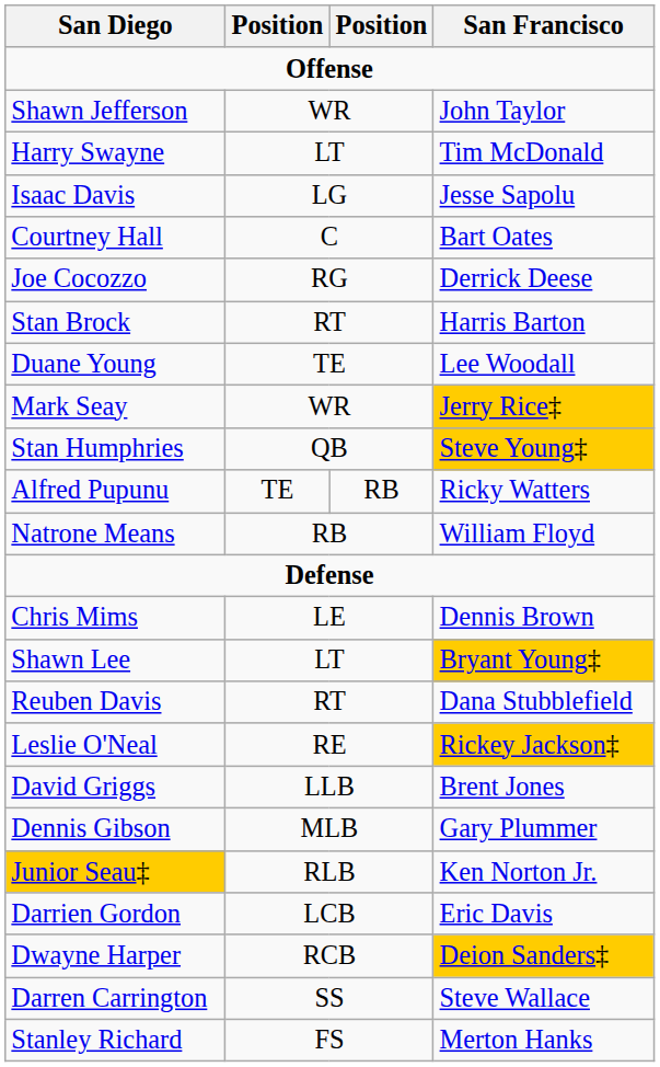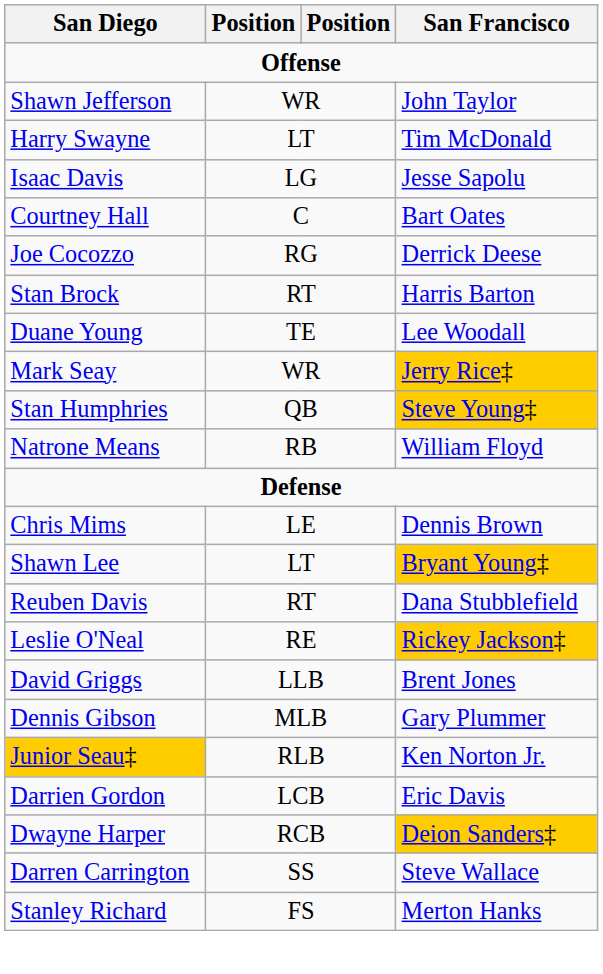 <table class="wikitable">
 <tr>
 <th width="125px">San Diego</th>
 <th>Position</th>
 <th>Position</th>
 <th width="125px">San Francisco</th>
 </tr>
 <tr>
 <td colspan="4" style="text-align:center;"><strong>Offense</strong></td>
 </tr>
 <tr>
 <td><a href='#'>Shawn Jefferson</a></td>
 <td colspan="2" style="text-align:center;">WR</td>
 <td><a href='#'>John Taylor</a></td>
 </tr>
 <tr>
 <td><a href='#'>Harry Swayne</a></td>
 <td colspan="2" style="text-align:center;">LT</td>
 <td><a href='#'>Tim McDonald</a></td>
 </tr>
 <tr>
 <td><a href='#'>Isaac Davis</a></td>
 <td colspan="2" style="text-align:center;">LG</td>
 <td><a href='#'>Jesse Sapolu</a></td>
 </tr>
 <tr>
 <td><a href='#'>Courtney Hall</a></td>
 <td colspan="2" style="text-align:center;">C</td>
 <td><a href='#'>Bart Oates</a></td>
 </tr>
 <tr>
 <td><a href='#'>Joe Cocozzo</a></td>
 <td colspan="2" style="text-align:center;">RG</td>
 <td><a href='#'>Derrick Deese</a></td>
 </tr>
 <tr>
 <td><a href='#'>Stan Brock</a></td>
 <td colspan="2" style="text-align:center;">RT</td>
 <td><a href='#'>Harris Barton</a></td>
 </tr>
 <tr>
 <td><a href='#'>Duane Young</a></td>
 <td colspan="2" style="text-align:center;">TE</td>
 <td><a href='#'>Lee Woodall</a></td>
 </tr>
 <tr>
 <td><a href='#'>Mark Seay</a></td>
 <td colspan="2" style="text-align:center;">WR</td>
 <td bgcolor="#FFCC00"><a href='#'>Jerry Rice</a>‡</td>
 </tr>
 <tr>
 <td><a href='#'>Stan Humphries</a></td>
 <td colspan="2" style="text-align:center;">QB</td>
 <td bgcolor="#FFCC00"><a href='#'>Steve Young</a>‡</td>
-</tr>
-<tr>
-<td><a href='#'>Alfred Pupunu</a></td>
-<td style="text-align:center;">TE</td>
-<td style="text-align:center;">RB</td>
-<td><a href='#'>Ricky Watters</a></td>
 </tr>
 <tr>
 <td><a href='#'>Natrone Means</a></td>
 <td colspan="2" style="text-align:center;">RB</td>
 <td><a href='#'>William Floyd</a></td>
 </tr>
 <tr>
 <td colspan="4" style="text-align:center;"><strong>Defense</strong></td>
 </tr>
 <tr>
 <td><a href='#'>Chris Mims</a></td>
 <td colspan="2" style="text-align:center;">LE</td>
 <td><a href='#'>Dennis Brown</a></td>
 </tr>
 <tr>
 <td><a href='#'>Shawn Lee</a></td>
 <td colspan="2" style="text-align:center;">LT</td>
 <td bgcolor="#FFCC00"><a href='#'>Bryant Young</a>‡</td>
 </tr>
 <tr>
 <td><a href='#'>Reuben Davis</a></td>
 <td colspan="2" style="text-align:center;">RT</td>
 <td><a href='#'>Dana Stubblefield</a></td>
 </tr>
 <tr>
 <td><a href='#'>Leslie O'Neal</a></td>
 <td colspan="2" style="text-align:center;">RE</td>
 <td bgcolor="#FFCC00"><a href='#'>Rickey Jackson</a>‡</td>
 </tr>
 <tr>
 <td><a href='#'>David Griggs</a></td>
 <td colspan="2" style="text-align:center;">LLB</td>
 <td><a href='#'>Brent Jones</a></td>
 </tr>
 <tr>
 <td><a href='#'>Dennis Gibson</a></td>
 <td colspan="2" style="text-align:center;">MLB</td>
 <td><a href='#'>Gary Plummer</a></td>
 </tr>
 <tr>
 <td bgcolor="#FFCC00"><a href='#'>Junior Seau</a>‡</td>
 <td colspan="2" style="text-align:center;">RLB</td>
 <td><a href='#'>Ken Norton Jr.</a></td>
 </tr>
 <tr>
 <td><a href='#'>Darrien Gordon</a></td>
 <td colspan="2" style="text-align:center;">LCB</td>
 <td><a href='#'>Eric Davis</a></td>
 </tr>
 <tr>
 <td><a href='#'>Dwayne Harper</a></td>
 <td colspan="2" style="text-align:center;">RCB</td>
 <td bgcolor="#FFCC00"><a href='#'>Deion Sanders</a>‡</td>
 </tr>
 <tr>
 <td><a href='#'>Darren Carrington</a></td>
 <td colspan="2" style="text-align:center;">SS</td>
 <td><a href='#'>Steve Wallace</a></td>
 </tr>
 <tr>
 <td><a href='#'>Stanley Richard</a></td>
 <td colspan="2" style="text-align:center;">FS</td>
 <td><a href='#'>Merton Hanks</a></td>
 </tr>
 </table>
